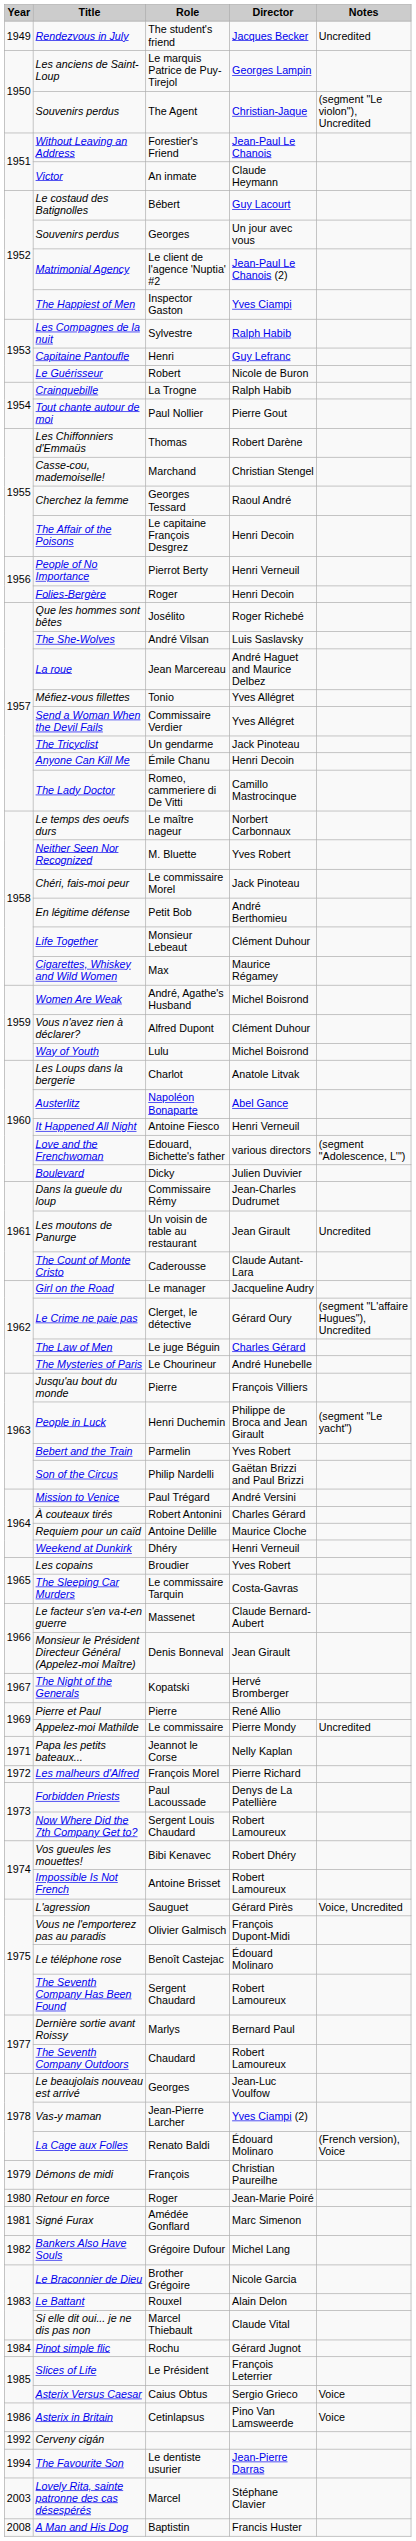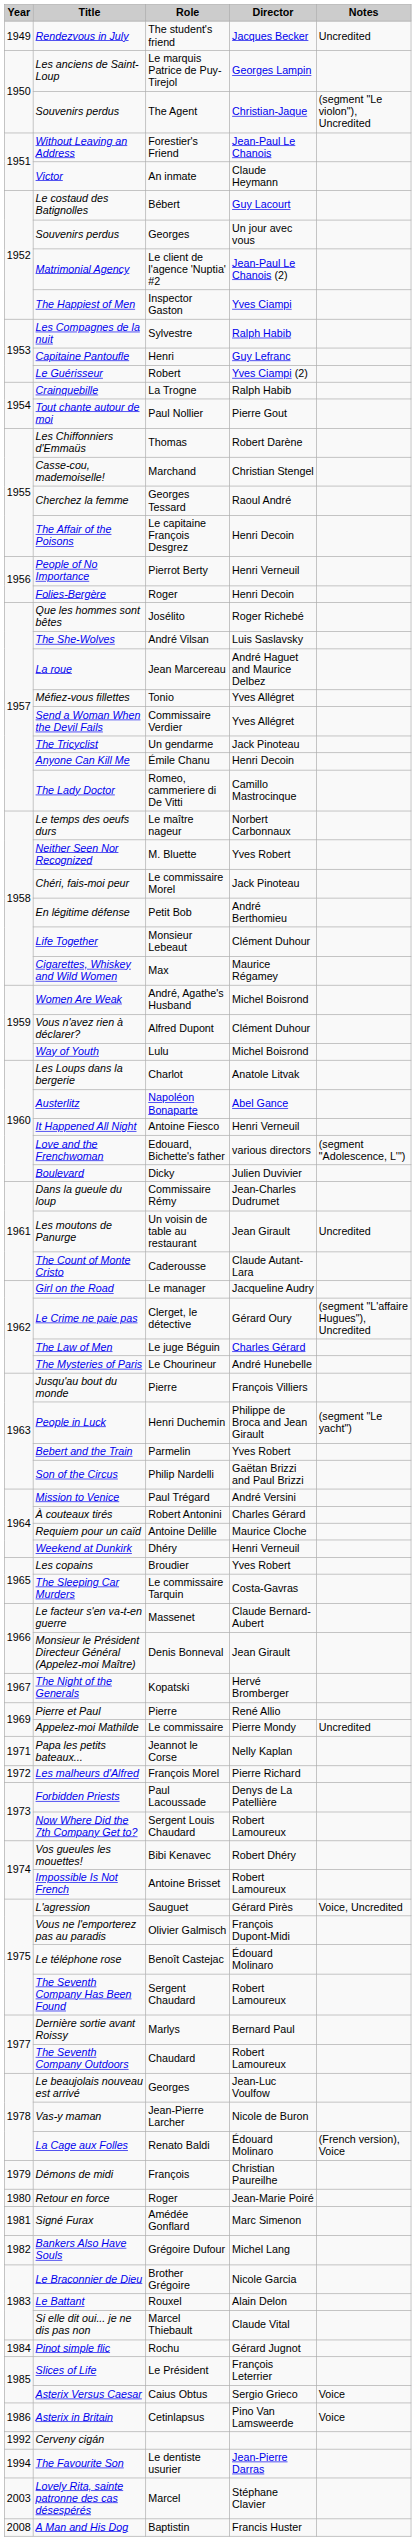 <table class="wikitable">
 <tr>
 <th style="background: #CCCCCC;">Year</th>
 <th style="background: #CCCCCC;">Title</th>
 <th style="background: #CCCCCC;">Role</th>
 <th style="background: #CCCCCC;">Director</th>
 <th style="background: #CCCCCC;">Notes</th>
 </tr>
 <tr>
 <td>1949</td>
 <td><em><a href='#'>Rendezvous in July</a></em></td>
 <td>The student's friend</td>
 <td><a href='#'>Jacques Becker</a></td>
 <td>Uncredited</td>
 </tr>
 <tr>
 <td rowspan=2>1950</td>
 <td><em>Les anciens de Saint-Loup</em></td>
 <td>Le marquis Patrice de Puy-Tirejol</td>
 <td><a href='#'>Georges Lampin</a></td>
 <td></td>
 </tr>
 <tr>
 <td><em>Souvenirs perdus</em></td>
 <td>The Agent</td>
 <td><a href='#'>Christian-Jaque</a></td>
 <td>(segment "Le violon"), Uncredited</td>
 </tr>
 <tr>
 <td rowspan=2>1951</td>
 <td><em><a href='#'>Without Leaving an Address</a></em></td>
 <td>Forestier's Friend</td>
 <td><a href='#'>Jean-Paul Le Chanois</a></td>
 <td></td>
 </tr>
 <tr>
 <td><em><a href='#'>Victor</a></em></td>
 <td>An inmate</td>
 <td>Claude Heymann</td>
 <td></td>
 </tr>
 <tr>
 <td rowspan=4>1952</td>
 <td><em>Le costaud des Batignolles</em></td>
 <td>Bébert</td>
 <td><a href='#'>Guy Lacourt</a></td>
 <td></td>
 </tr>
 <tr>
 <td><em>Souvenirs perdus</em></td>
 <td>Georges</td>
 <td>Un jour avec vous</td>
 <td></td>
 </tr>
 <tr>
 <td><em><a href='#'>Matrimonial Agency</a></em></td>
 <td>Le client de l'agence 'Nuptia' #2</td>
 <td><a href='#'>Jean-Paul Le Chanois</a> (2)</td>
 <td></td>
 </tr>
 <tr>
 <td><em><a href='#'>The Happiest of Men</a></em></td>
 <td>Inspector Gaston</td>
 <td><a href='#'>Yves Ciampi</a></td>
 <td></td>
 </tr>
 <tr>
 <td rowspan=3>1953</td>
 <td><em><a href='#'>Les Compagnes de la nuit</a></em></td>
 <td>Sylvestre</td>
 <td><a href='#'>Ralph Habib</a></td>
 <td></td>
 </tr>
 <tr>
 <td><em><a href='#'>Capitaine Pantoufle</a></em></td>
 <td>Henri</td>
 <td><a href='#'>Guy Lefranc</a></td>
 <td></td>
 </tr>
 <tr>
 <td><em><a href='#'>Le Guérisseur</a></em></td>
 <td>Robert</td>
-<td>Nicole de Buron</td>
+<td><a href='#'>Yves Ciampi</a> (2)</td>
 <td></td>
 </tr>
 <tr>
 <td rowspan=2>1954</td>
 <td><em><a href='#'>Crainquebille</a></em></td>
 <td>La Trogne</td>
 <td>Ralph Habib</td>
 <td></td>
 </tr>
 <tr>
 <td><em><a href='#'>Tout chante autour de moi</a></em></td>
 <td>Paul Nollier</td>
 <td>Pierre Gout</td>
 <td></td>
 </tr>
 <tr>
 <td rowspan=4>1955</td>
 <td><em>Les Chiffonniers d'Emmaüs</em></td>
 <td>Thomas</td>
 <td>Robert Darène</td>
 <td></td>
 </tr>
 <tr>
 <td><em>Casse-cou, mademoiselle!</em></td>
 <td>Marchand</td>
 <td>Christian Stengel</td>
 <td></td>
 </tr>
 <tr>
 <td><em>Cherchez la femme</em></td>
 <td>Georges Tessard</td>
 <td>Raoul André</td>
 <td></td>
 </tr>
 <tr>
 <td><em><a href='#'>The Affair of the Poisons</a></em></td>
 <td>Le capitaine François Desgrez</td>
 <td>Henri Decoin</td>
 <td></td>
 </tr>
 <tr>
 <td rowspan=2>1956</td>
 <td><em><a href='#'>People of No Importance</a></em></td>
 <td>Pierrot Berty</td>
 <td>Henri Verneuil</td>
 <td></td>
 </tr>
 <tr>
 <td><em><a href='#'>Folies-Bergère</a></em></td>
 <td>Roger</td>
 <td>Henri Decoin</td>
 <td></td>
 </tr>
 <tr>
 <td rowspan=8>1957</td>
 <td><em>Que les hommes sont bêtes</em></td>
 <td>Josélito</td>
 <td>Roger Richebé</td>
 <td></td>
 </tr>
 <tr>
 <td><em><a href='#'>The She-Wolves</a></em></td>
 <td>André Vilsan</td>
 <td>Luis Saslavsky</td>
 <td></td>
 </tr>
 <tr>
 <td><em><a href='#'>La roue</a></em></td>
 <td>Jean Marcereau</td>
 <td>André Haguet and Maurice Delbez</td>
 <td></td>
 </tr>
 <tr>
 <td><em>Méfiez-vous fillettes</em></td>
 <td>Tonio</td>
 <td>Yves Allégret</td>
 <td></td>
 </tr>
 <tr>
 <td><em><a href='#'>Send a Woman When the Devil Fails</a></em></td>
 <td>Commissaire Verdier</td>
 <td>Yves Allégret</td>
 <td></td>
 </tr>
 <tr>
 <td><em><a href='#'>The Tricyclist</a></em></td>
 <td>Un gendarme</td>
 <td>Jack Pinoteau</td>
 <td></td>
 </tr>
 <tr>
 <td><em><a href='#'>Anyone Can Kill Me</a></em></td>
 <td>Émile Chanu</td>
 <td>Henri Decoin</td>
 <td></td>
 </tr>
 <tr>
 <td><em><a href='#'>The Lady Doctor</a></em></td>
 <td>Romeo, cammeriere di De Vitti</td>
 <td>Camillo Mastrocinque</td>
 <td></td>
 </tr>
 <tr>
 <td rowspan=6>1958</td>
 <td><em>Le temps des oeufs durs</em></td>
 <td>Le maître nageur</td>
 <td>Norbert Carbonnaux</td>
 <td></td>
 </tr>
 <tr>
 <td><em><a href='#'>Neither Seen Nor Recognized</a></em></td>
 <td>M. Bluette</td>
 <td>Yves Robert</td>
 <td></td>
 </tr>
 <tr>
 <td><em>Chéri, fais-moi peur</em></td>
 <td>Le commissaire Morel</td>
 <td>Jack Pinoteau</td>
 <td></td>
 </tr>
 <tr>
 <td><em>En légitime défense</em></td>
 <td>Petit Bob</td>
 <td>André Berthomieu</td>
 <td></td>
 </tr>
 <tr>
 <td><em><a href='#'>Life Together</a></em></td>
 <td>Monsieur Lebeaut</td>
 <td>Clément Duhour</td>
 <td></td>
 </tr>
 <tr>
 <td><em><a href='#'>Cigarettes, Whiskey and Wild Women</a></em></td>
 <td>Max</td>
 <td>Maurice Régamey</td>
 <td></td>
 </tr>
 <tr>
 <td rowspan=3>1959</td>
 <td><em><a href='#'>Women Are Weak</a></em></td>
 <td>André, Agathe's Husband</td>
 <td>Michel Boisrond</td>
 <td></td>
 </tr>
 <tr>
 <td><em>Vous n'avez rien à déclarer?</em></td>
 <td>Alfred Dupont</td>
 <td>Clément Duhour</td>
 <td></td>
 </tr>
 <tr>
 <td><em><a href='#'>Way of Youth</a></em></td>
 <td>Lulu</td>
 <td>Michel Boisrond</td>
 <td></td>
 </tr>
 <tr>
 <td rowspan=5>1960</td>
 <td><em>Les Loups dans la bergerie</em></td>
 <td>Charlot</td>
 <td>Anatole Litvak</td>
 <td></td>
 </tr>
 <tr>
 <td><em><a href='#'>Austerlitz</a></em></td>
 <td><a href='#'>Napoléon Bonaparte</a></td>
 <td><a href='#'>Abel Gance</a></td>
 <td></td>
 </tr>
 <tr>
 <td><em><a href='#'>It Happened All Night</a></em></td>
 <td>Antoine Fiesco</td>
 <td>Henri Verneuil</td>
 <td></td>
 </tr>
 <tr>
 <td><em><a href='#'>Love and the Frenchwoman</a></em></td>
 <td>Edouard, Bichette's father</td>
 <td>various directors</td>
 <td>(segment "Adolescence, L'")</td>
 </tr>
 <tr>
 <td><em><a href='#'>Boulevard</a></em></td>
 <td>Dicky</td>
 <td>Julien Duvivier</td>
 <td></td>
 </tr>
 <tr>
 <td rowspan=3>1961</td>
 <td><em>Dans la gueule du loup</em></td>
 <td>Commissaire Rémy</td>
 <td>Jean-Charles Dudrumet</td>
 <td></td>
 </tr>
 <tr>
 <td><em>Les moutons de Panurge</em></td>
 <td>Un voisin de table au restaurant</td>
 <td>Jean Girault</td>
 <td>Uncredited</td>
 </tr>
 <tr>
 <td><em><a href='#'>The Count of Monte Cristo</a></em></td>
 <td>Caderousse</td>
 <td>Claude Autant-Lara</td>
 <td></td>
 </tr>
 <tr>
 <td rowspan=4>1962</td>
 <td><em><a href='#'>Girl on the Road</a></em></td>
 <td>Le manager</td>
 <td>Jacqueline Audry</td>
 <td></td>
 </tr>
 <tr>
 <td><em><a href='#'>Le Crime ne paie pas</a></em></td>
 <td>Clerget, le détective</td>
 <td>Gérard Oury</td>
 <td>(segment "L'affaire Hugues"), Uncredited</td>
 </tr>
 <tr>
 <td><em><a href='#'>The Law of Men</a></em></td>
 <td>Le juge Béguin</td>
 <td><a href='#'>Charles Gérard</a></td>
 <td></td>
 </tr>
 <tr>
 <td><em><a href='#'>The Mysteries of Paris</a></em></td>
 <td>Le Chourineur</td>
 <td>André Hunebelle</td>
 <td></td>
 </tr>
 <tr>
 <td rowspan=4>1963</td>
 <td><em>Jusqu'au bout du monde</em></td>
 <td>Pierre</td>
 <td>François Villiers</td>
 <td></td>
 </tr>
 <tr>
 <td><em><a href='#'>People in Luck</a></em></td>
 <td>Henri Duchemin</td>
 <td>Philippe de Broca and Jean Girault</td>
 <td>(segment "Le yacht")</td>
 </tr>
 <tr>
 <td><em><a href='#'>Bebert and the Train</a></em></td>
 <td>Parmelin</td>
 <td>Yves Robert</td>
 <td></td>
 </tr>
 <tr>
 <td><em><a href='#'>Son of the Circus</a></em></td>
 <td>Philip Nardelli</td>
 <td>Gaëtan Brizzi and Paul Brizzi</td>
 <td></td>
 </tr>
 <tr>
 <td rowspan=4>1964</td>
 <td><em><a href='#'>Mission to Venice</a></em></td>
 <td>Paul Trégard</td>
 <td>André Versini</td>
 <td></td>
 </tr>
 <tr>
 <td><em>À couteaux tirés</em></td>
 <td>Robert Antonini</td>
 <td>Charles Gérard</td>
 <td></td>
 </tr>
 <tr>
 <td><em>Requiem pour un caïd</em></td>
 <td>Antoine Delille</td>
 <td>Maurice Cloche</td>
 <td></td>
 </tr>
 <tr>
 <td><em><a href='#'>Weekend at Dunkirk</a></em></td>
 <td>Dhéry</td>
 <td>Henri Verneuil</td>
 <td></td>
 </tr>
 <tr>
 <td rowspan=2>1965</td>
 <td><em>Les copains</em></td>
 <td>Broudier</td>
 <td>Yves Robert</td>
 <td></td>
 </tr>
 <tr>
 <td><em><a href='#'>The Sleeping Car Murders</a></em></td>
 <td>Le commissaire Tarquin</td>
 <td>Costa-Gavras</td>
 <td></td>
 </tr>
 <tr>
 <td rowspan=2>1966</td>
 <td><em>Le facteur s'en va-t-en guerre</em></td>
 <td>Massenet</td>
 <td>Claude Bernard-Aubert</td>
 <td></td>
 </tr>
 <tr>
 <td><em>Monsieur le Président Directeur Général (Appelez-moi Maître)</em></td>
 <td>Denis Bonneval</td>
 <td>Jean Girault</td>
 <td></td>
 </tr>
 <tr>
 <td>1967</td>
 <td><em><a href='#'>The Night of the Generals</a></em></td>
 <td>Kopatski</td>
 <td>Hervé Bromberger</td>
 <td></td>
 </tr>
 <tr>
 <td rowspan=2>1969</td>
 <td><em>Pierre et Paul</em></td>
 <td>Pierre</td>
 <td>René Allio</td>
 <td></td>
 </tr>
 <tr>
 <td><em>Appelez-moi Mathilde</em></td>
 <td>Le commissaire</td>
 <td>Pierre Mondy</td>
 <td>Uncredited</td>
 </tr>
 <tr>
 <td>1971</td>
 <td><em>Papa les petits bateaux...</em></td>
 <td>Jeannot le Corse</td>
 <td>Nelly Kaplan</td>
 <td></td>
 </tr>
 <tr>
 <td>1972</td>
 <td><em><a href='#'>Les malheurs d'Alfred</a></em></td>
 <td>François Morel</td>
 <td>Pierre Richard</td>
 <td></td>
 </tr>
 <tr>
 <td rowspan=2>1973</td>
 <td><em><a href='#'>Forbidden Priests</a></em></td>
 <td>Paul Lacoussade</td>
 <td>Denys de La Patellière</td>
 <td></td>
 </tr>
 <tr>
 <td><em><a href='#'>Now Where Did the 7th Company Get to?</a></em></td>
 <td>Sergent Louis Chaudard</td>
 <td>Robert Lamoureux</td>
 <td></td>
 </tr>
 <tr>
 <td rowspan=2>1974</td>
 <td><em>Vos gueules les mouettes!</em></td>
 <td>Bibi Kenavec</td>
 <td>Robert Dhéry</td>
 <td></td>
 </tr>
 <tr>
 <td><em><a href='#'>Impossible Is Not French</a></em></td>
 <td>Antoine Brisset</td>
 <td>Robert Lamoureux</td>
 <td></td>
 </tr>
 <tr>
 <td rowspan=4>1975</td>
 <td><em>L'agression</em></td>
 <td>Sauguet</td>
 <td>Gérard Pirès</td>
 <td>Voice, Uncredited</td>
 </tr>
 <tr>
 <td><em>Vous ne l'emporterez pas au paradis</em></td>
 <td>Olivier Galmisch</td>
 <td>François Dupont-Midi</td>
 <td></td>
 </tr>
 <tr>
 <td><em>Le téléphone rose</em></td>
 <td>Benoît Castejac</td>
 <td>Édouard Molinaro</td>
 <td></td>
 </tr>
 <tr>
 <td><em><a href='#'>The Seventh Company Has Been Found</a></em></td>
 <td>Sergent Chaudard</td>
 <td>Robert Lamoureux</td>
 <td></td>
 </tr>
 <tr>
 <td rowspan=2>1977</td>
 <td><em>Dernière sortie avant Roissy</em></td>
 <td>Marlys</td>
 <td>Bernard Paul</td>
 <td></td>
 </tr>
 <tr>
 <td><em><a href='#'>The Seventh Company Outdoors</a></em></td>
 <td>Chaudard</td>
 <td>Robert Lamoureux</td>
 <td></td>
 </tr>
 <tr>
 <td rowspan=3>1978</td>
 <td><em>Le beaujolais nouveau est arrivé</em></td>
 <td>Georges</td>
 <td>Jean-Luc Voulfow</td>
 <td></td>
 </tr>
 <tr>
 <td><em>Vas-y maman</em></td>
 <td>Jean-Pierre Larcher</td>
-<td><a href='#'>Yves Ciampi</a> (2)</td>
+<td>Nicole de Buron</td>
 <td></td>
 </tr>
 <tr>
 <td><em><a href='#'>La Cage aux Folles</a></em></td>
 <td>Renato Baldi</td>
 <td>Édouard Molinaro</td>
 <td>(French version), Voice</td>
 </tr>
 <tr>
 <td>1979</td>
 <td><em>Démons de midi</em></td>
 <td>François</td>
 <td>Christian Paureilhe</td>
 <td></td>
 </tr>
 <tr>
 <td>1980</td>
 <td><em>Retour en force</em></td>
 <td>Roger</td>
 <td>Jean-Marie Poiré</td>
 <td></td>
 </tr>
 <tr>
 <td>1981</td>
 <td><em>Signé Furax</em></td>
 <td>Amédée Gonflard</td>
 <td>Marc Simenon</td>
 <td></td>
 </tr>
 <tr>
 <td>1982</td>
 <td><em><a href='#'>Bankers Also Have Souls</a></em></td>
 <td>Grégoire Dufour</td>
 <td>Michel Lang</td>
 <td></td>
 </tr>
 <tr>
 <td rowspan=3>1983</td>
 <td><em><a href='#'>Le Braconnier de Dieu</a></em></td>
 <td>Brother Grégoire</td>
 <td>Nicole Garcia</td>
 <td></td>
 </tr>
 <tr>
 <td><em><a href='#'>Le Battant</a></em></td>
 <td>Rouxel</td>
 <td>Alain Delon</td>
 <td></td>
 </tr>
 <tr>
 <td><em>Si elle dit oui... je ne dis pas non</em></td>
 <td>Marcel Thiebault</td>
 <td>Claude Vital</td>
 <td></td>
 </tr>
 <tr>
 <td>1984</td>
 <td><em><a href='#'>Pinot simple flic</a></em></td>
 <td>Rochu</td>
 <td>Gérard Jugnot</td>
 <td></td>
 </tr>
 <tr>
 <td rowspan=2>1985</td>
 <td><em><a href='#'>Slices of Life</a></em></td>
 <td>Le Président</td>
 <td>François Leterrier</td>
 <td></td>
 </tr>
 <tr>
 <td><em><a href='#'>Asterix Versus Caesar</a></em></td>
 <td>Caius Obtus</td>
 <td>Sergio Grieco</td>
 <td>Voice</td>
 </tr>
 <tr>
 <td>1986</td>
 <td><em><a href='#'>Asterix in Britain</a></em></td>
 <td>Cetinlapsus</td>
 <td>Pino Van Lamsweerde</td>
 <td>Voice</td>
 </tr>
 <tr>
 <td>1992</td>
 <td><em>Cerveny cigán</em></td>
 <td></td>
 <td></td>
 <td></td>
 </tr>
 <tr>
 <td>1994</td>
 <td><em><a href='#'>The Favourite Son</a></em></td>
 <td>Le dentiste usurier</td>
 <td><a href='#'>Jean-Pierre Darras</a></td>
 <td></td>
 </tr>
 <tr>
 <td>2003</td>
 <td><em><a href='#'>Lovely Rita, sainte patronne des cas désespérés</a></em></td>
 <td>Marcel</td>
 <td>Stéphane Clavier</td>
 <td></td>
 </tr>
 <tr>
 <td>2008</td>
 <td><em><a href='#'>A Man and His Dog</a></em></td>
 <td>Baptistin</td>
 <td>Francis Huster</td>
 <td></td>
 </tr>
 </table>
